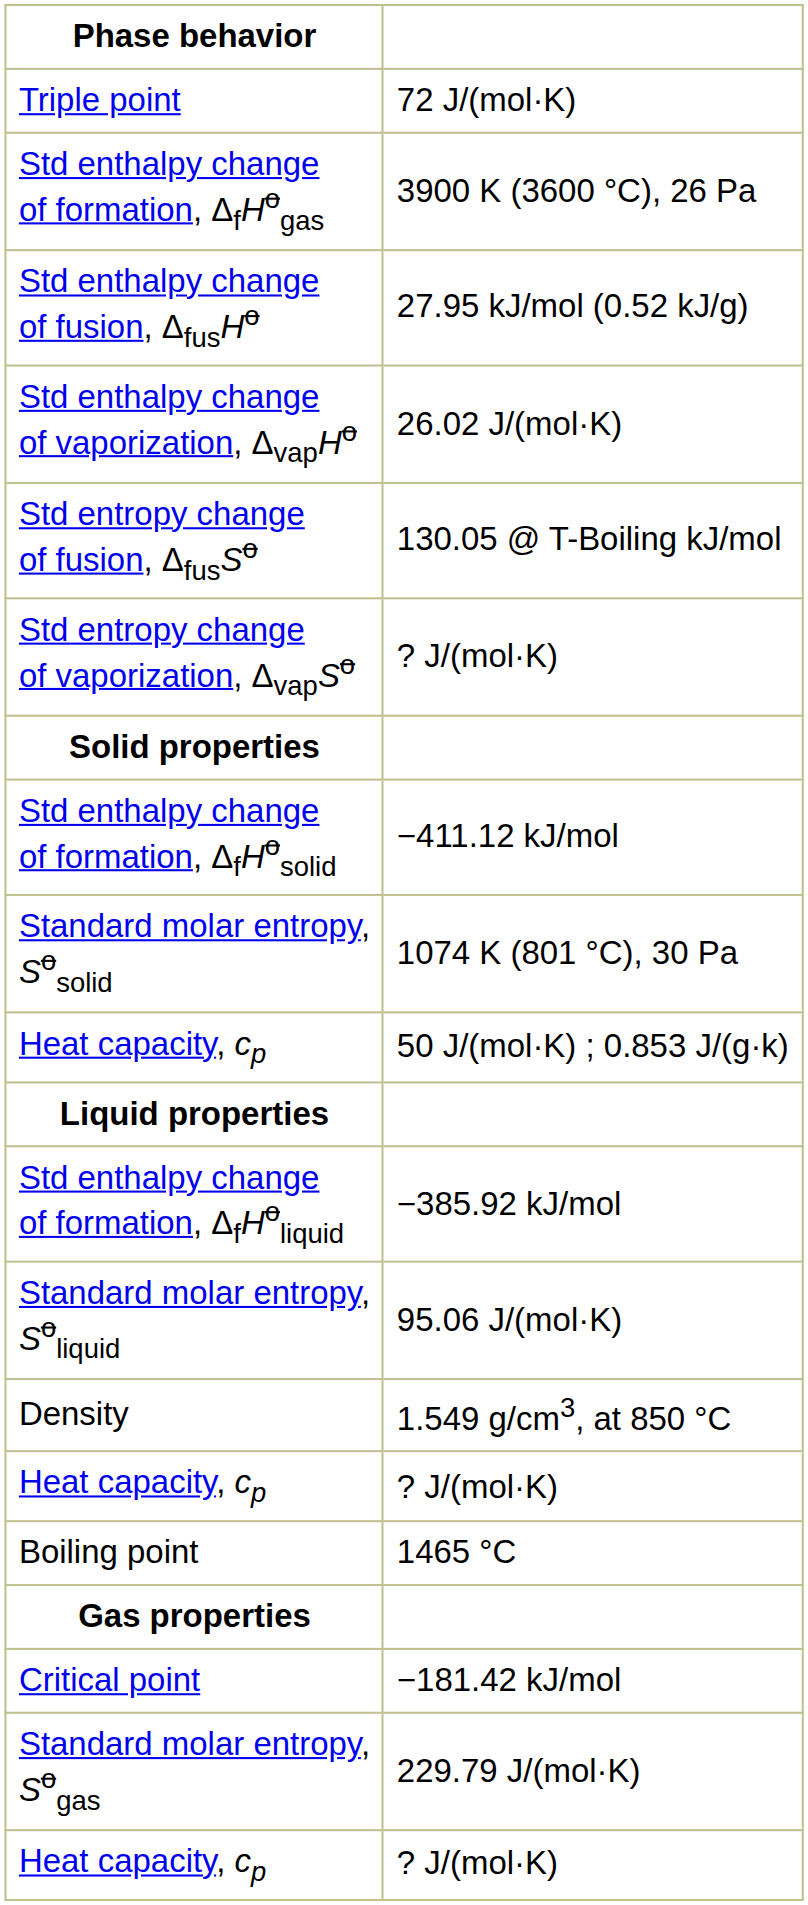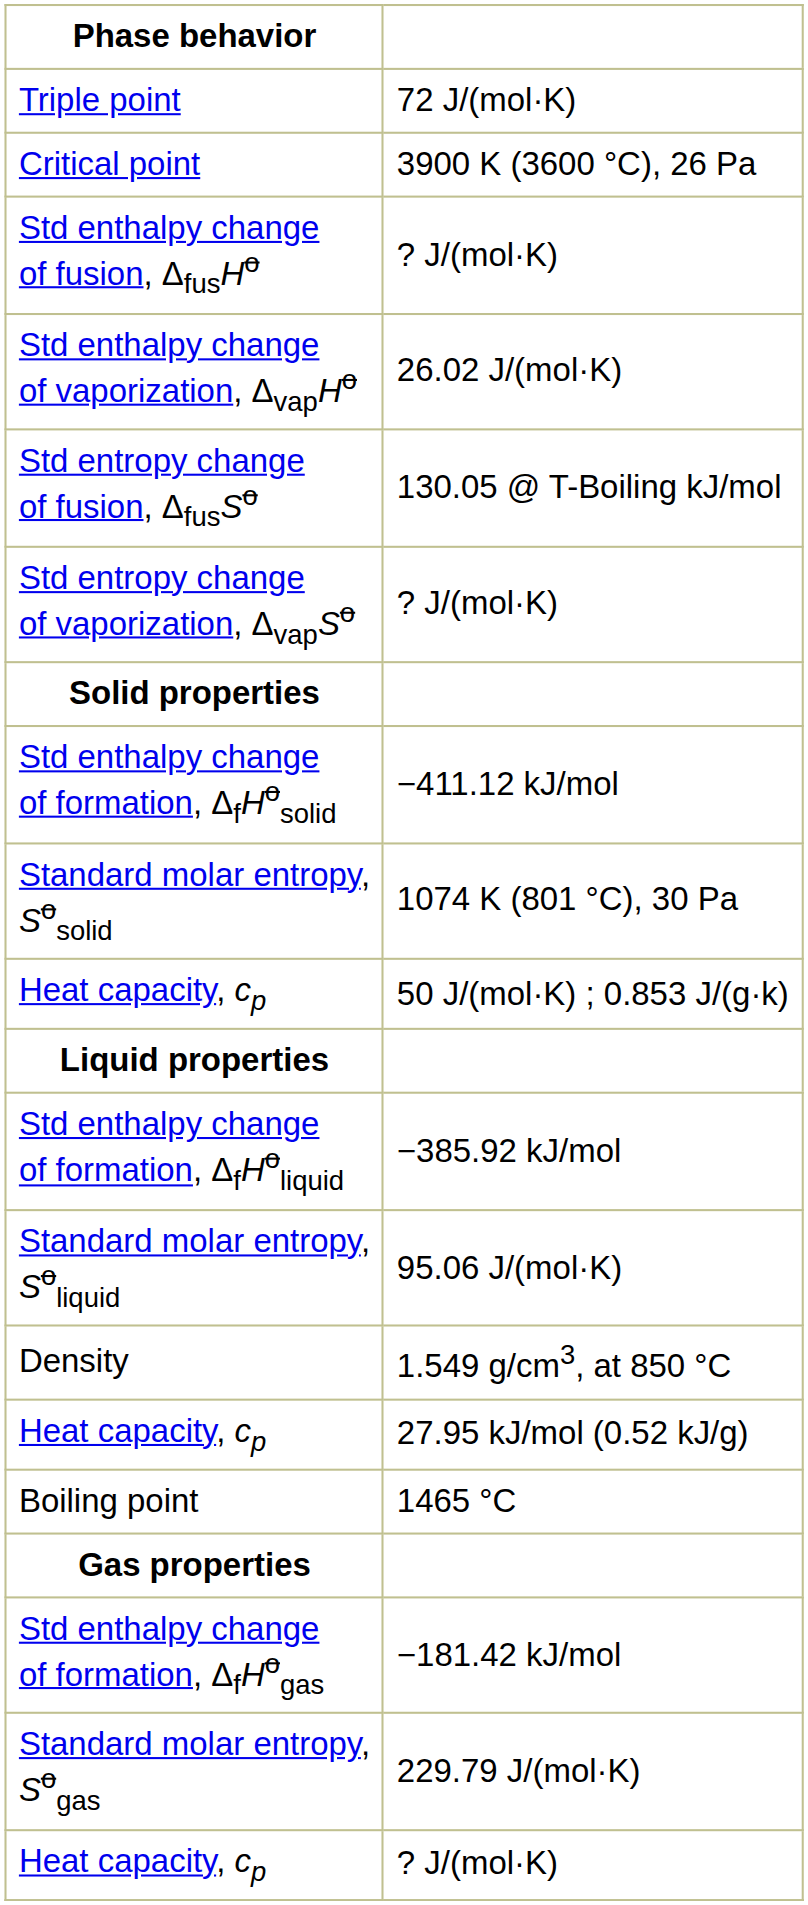 <table border="1" cellspacing="0" cellpadding="6" style="margin: 0 0 0 0.5em; background: #FFFFFF; border-collapse: collapse; border-color: #C0C090;">
 <tr>
 <th>Phase behavior</th>
 </tr>
 <tr>
 <td><a href='#'>Triple point</a></td>
 <td>72 J/(mol·K)</td>
 </tr>
 <tr>
-<td><a href='#'>Std enthalpy change<br>of formation</a>, Δ<sub>f</sub><em>H</em><sup><s>o</s></sup><sub>gas</sub></td>
+<td><a href='#'>Critical point</a></td>
 <td>3900 K (3600 °C), 26 Pa</td>
 </tr>
 <tr>
 <td><a href='#'>Std enthalpy change<br>of fusion</a>, Δ<sub>fus</sub><em>H</em><sup><s>o</s></sup></td>
-<td>27.95 kJ/mol (0.52 kJ/g)</td>
+<td>? J/(mol·K)</td>
 </tr>
 <tr>
 <td><a href='#'>Std enthalpy change<br>of vaporization</a>, Δ<sub>vap</sub><em>H</em><sup><s>o</s></sup></td>
 <td>26.02 J/(mol·K)</td>
 </tr>
 <tr>
 <td><a href='#'>Std entropy change<br>of fusion</a>, Δ<sub>fus</sub><em>S</em><sup><s>o</s></sup></td>
 <td>130.05 @ T-Boiling kJ/mol</td>
 </tr>
 <tr>
 <td><a href='#'>Std entropy change<br>of vaporization</a>, Δ<sub>vap</sub><em>S</em><sup><s>o</s></sup></td>
 <td>? J/(mol·K)</td>
 </tr>
 <tr>
 <th>Solid properties</th>
 </tr>
 <tr>
 <td><a href='#'>Std enthalpy change<br>of formation</a>, Δ<sub>f</sub><em>H</em><sup><s>o</s></sup><sub>solid</sub></td>
 <td>−411.12 kJ/mol</td>
 </tr>
 <tr>
 <td><a href='#'>Standard molar entropy</a>,<br><em>S</em><sup><s>o</s></sup><sub>solid</sub></td>
 <td>1074 K (801 °C), 30 Pa</td>
 </tr>
 <tr>
 <td><a href='#'>Heat capacity</a>, <em>c<sub>p</sub></em></td>
 <td>50 J/(mol·K) ; 0.853 J/(g·k)</td>
 </tr>
 <tr>
 <th>Liquid properties</th>
 </tr>
 <tr>
 <td><a href='#'>Std enthalpy change<br>of formation</a>, Δ<sub>f</sub><em>H</em><sup><s>o</s></sup><sub>liquid</sub></td>
 <td>−385.92 kJ/mol</td>
 </tr>
 <tr>
 <td><a href='#'>Standard molar entropy</a>,<br><em>S</em><sup><s>o</s></sup><sub>liquid</sub></td>
 <td>95.06 J/(mol·K)</td>
 </tr>
 <tr>
 <td>Density</td>
 <td>1.549 g/cm<sup>3</sup>, at 850 °C</td>
 </tr>
 <tr>
 <td><a href='#'>Heat capacity</a>, <em>c<sub>p</sub></em></td>
-<td>? J/(mol·K)</td>
+<td>27.95 kJ/mol (0.52 kJ/g)</td>
 </tr>
 <tr>
 <td>Boiling point</td>
 <td>1465 °C</td>
 </tr>
 <tr>
 <th>Gas properties</th>
 </tr>
 <tr>
-<td><a href='#'>Critical point</a></td>
+<td><a href='#'>Std enthalpy change<br>of formation</a>, Δ<sub>f</sub><em>H</em><sup><s>o</s></sup><sub>gas</sub></td>
 <td>−181.42 kJ/mol</td>
 </tr>
 <tr>
 <td><a href='#'>Standard molar entropy</a>,<br><em>S</em><sup><s>o</s></sup><sub>gas</sub></td>
 <td>229.79 J/(mol·K)</td>
 </tr>
 <tr>
 <td><a href='#'>Heat capacity</a>, <em>c<sub>p</sub></em></td>
 <td>? J/(mol·K)</td>
 </tr>
 <tr>
 </tr>
 </table>
